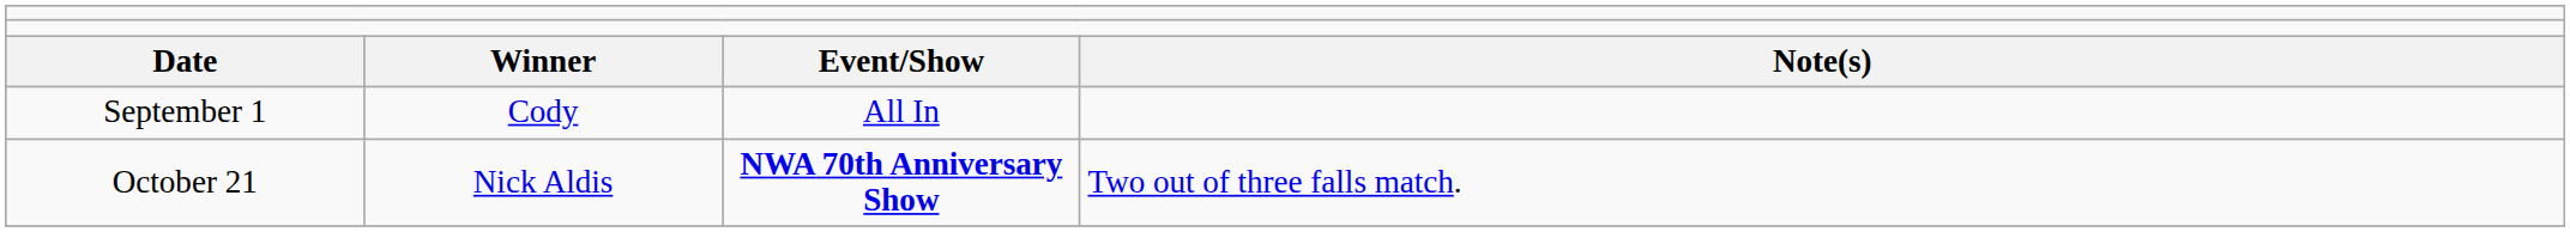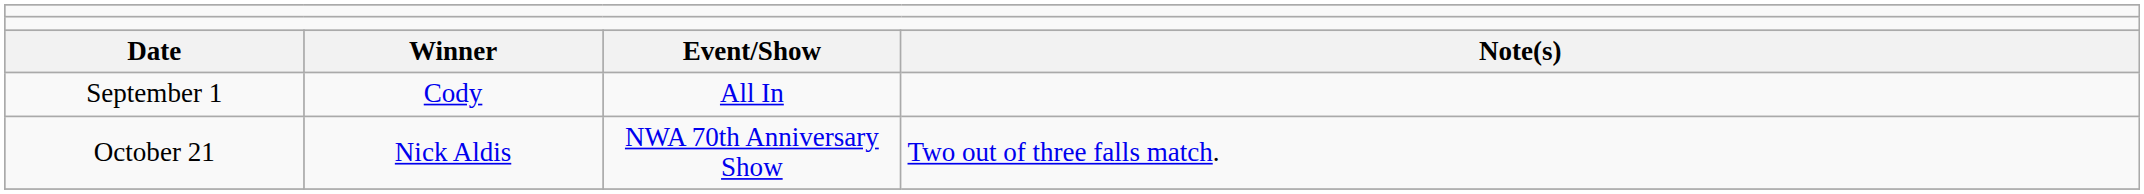 <table class="wikitable" style="text-align:center; width:100%;">
 <tr>
 <td colspan="5"></td>
 </tr>
 <tr>
 <td colspan="5"><strong></strong></td>
 </tr>
 <tr>
 <th width=14%>Date</th>
 <th width=14%>Winner</th>
 <th width=14%>Event/Show</th>
 <th width=58%>Note(s)</th>
 </tr>
 <tr>
 <td>September 1</td>
 <td><a href='#'>Cody</a></td>
 <td><a href='#'>All In</a></td>
 <td></td>
 </tr>
 <tr>
 <td>October 21</td>
 <td><a href='#'>Nick Aldis</a></td>
-<td><strong><a href='#'>NWA 70th Anniversary Show</a></strong></td>
+<td><a href='#'>NWA 70th Anniversary Show</a></td>
 <td align=left><a href='#'>Two out of three falls match</a>.</td>
 </tr>
 </table>
